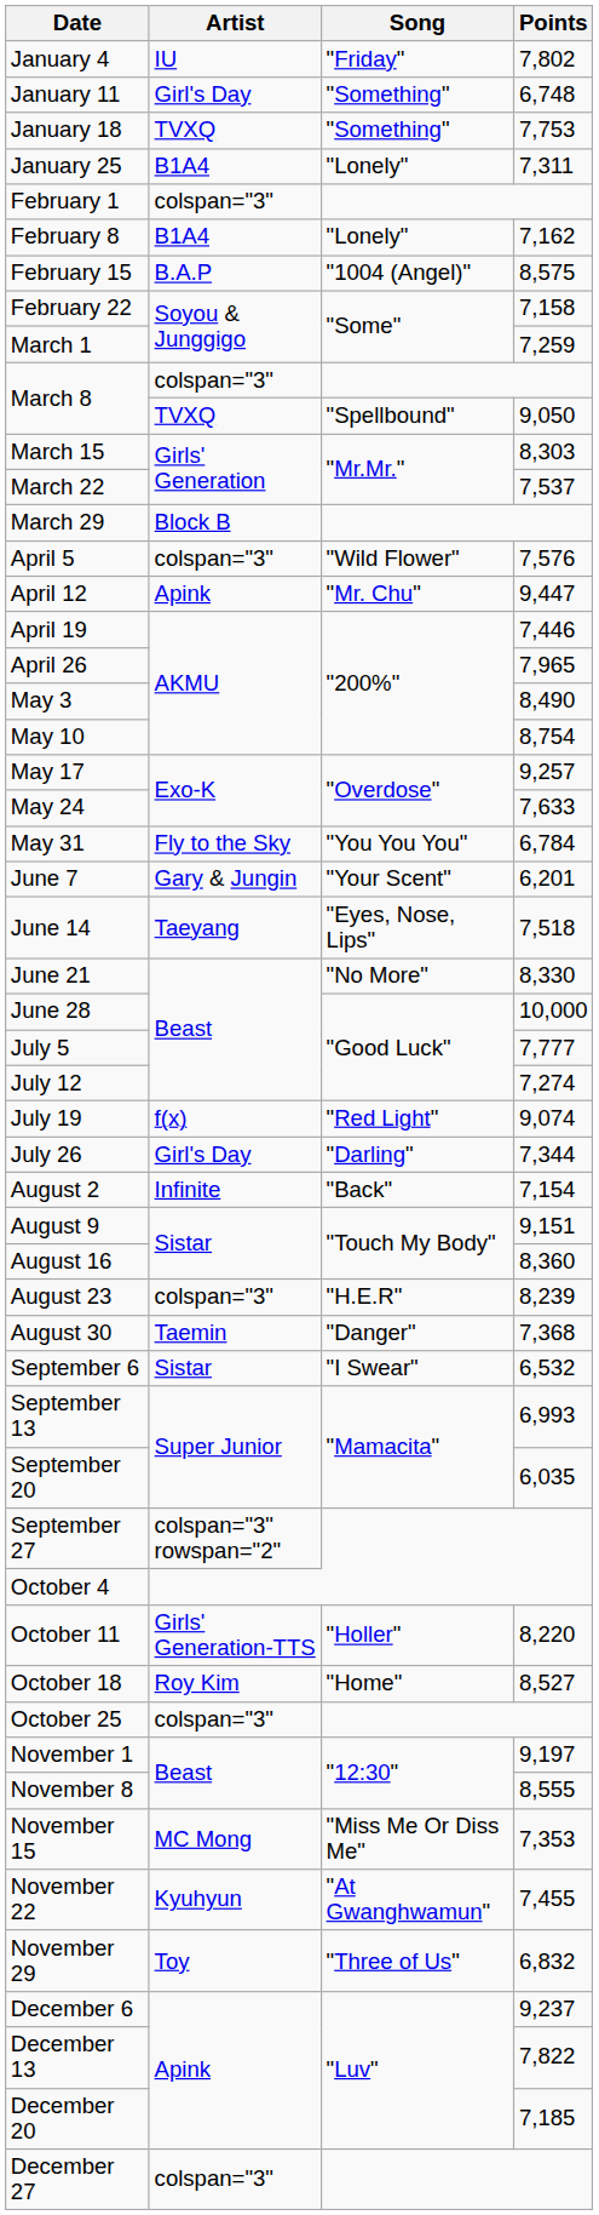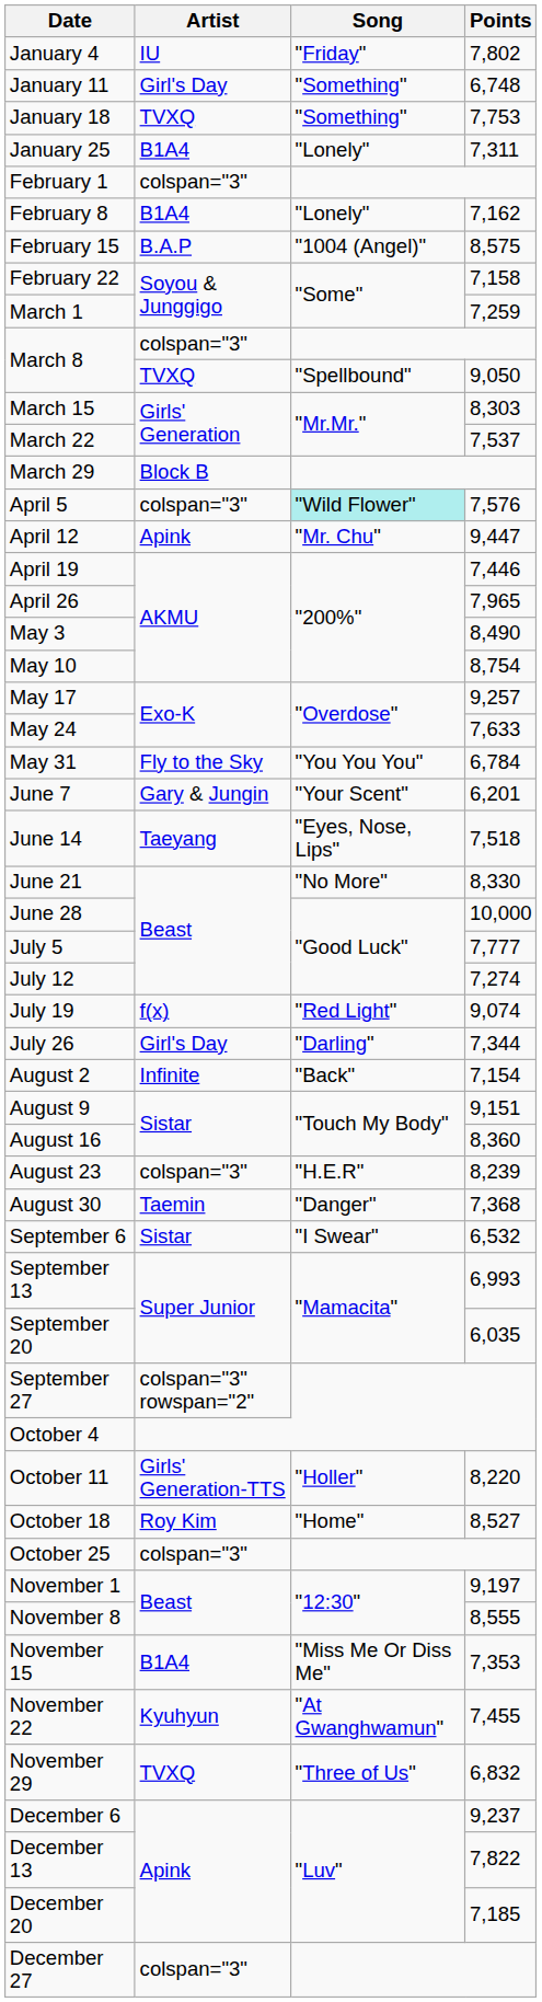 <table class="wikitable sortable">
 <tr>
 <th style="width:95px">Date</th>
 <th style="width:115px">Artist</th>
 <th style="width:130px">Song</th>
 <th style="width:40px">Points</th>
 </tr>
 <tr>
 <td>January 4</td>
 <td><a href='#'>IU</a></td>
 <td>"<a href='#'>Friday</a>"</td>
 <td>7,802</td>
 </tr>
 <tr>
 <td>January 11</td>
 <td><a href='#'>Girl's Day</a></td>
 <td>"<a href='#'>Something</a>"</td>
 <td>6,748</td>
 </tr>
 <tr>
 <td>January 18</td>
 <td><a href='#'>TVXQ</a></td>
 <td>"<a href='#'>Something</a>"</td>
 <td>7,753</td>
 </tr>
 <tr>
 <td>January 25</td>
 <td><a href='#'>B1A4</a></td>
 <td>"Lonely"</td>
 <td>7,311</td>
 </tr>
 <tr>
 <td>February 1</td>
 <td>colspan="3" </td>
 </tr>
 <tr>
 <td>February 8</td>
 <td><a href='#'>B1A4</a></td>
 <td>"Lonely"</td>
 <td>7,162</td>
 </tr>
 <tr>
 <td>February 15</td>
 <td><a href='#'>B.A.P</a></td>
 <td>"1004 (Angel)"</td>
 <td>8,575</td>
 </tr>
 <tr>
 <td>February 22</td>
 <td rowspan="2"><a href='#'>Soyou</a> & <a href='#'>Junggigo</a></td>
 <td rowspan="2">"Some"</td>
 <td>7,158</td>
 </tr>
 <tr>
 <td>March 1</td>
 <td>7,259</td>
 </tr>
 <tr>
 <td rowspan="2">March 8</td>
 <td>colspan="3" </td>
 </tr>
 <tr>
 <td><a href='#'>TVXQ</a></td>
 <td>"Spellbound"</td>
 <td>9,050</td>
 </tr>
 <tr>
 <td>March 15</td>
 <td rowspan="2"><a href='#'>Girls' Generation</a></td>
 <td rowspan="2">"<a href='#'>Mr.Mr.</a>"</td>
 <td>8,303</td>
 </tr>
 <tr>
 <td>March 22</td>
 <td>7,537</td>
 </tr>
 <tr>
 <td>March 29</td>
 <td><a href='#'>Block B</a></td>
 </tr>
 <tr>
 <td>April 5</td>
 <td>colspan="3" </td>
-<td>"Wild Flower"</td>
+<td style="background: paleturquoise;">"Wild Flower"</td>
 <td>7,576</td>
 </tr>
 <tr>
 <td>April 12</td>
 <td><a href='#'>Apink</a></td>
 <td>"<a href='#'>Mr. Chu</a>"</td>
 <td>9,447</td>
 </tr>
 <tr>
 <td>April 19</td>
 <td rowspan="4"><a href='#'>AKMU</a></td>
 <td rowspan="4">"200%"</td>
 <td>7,446</td>
 </tr>
 <tr>
 <td>April 26</td>
 <td>7,965</td>
 </tr>
 <tr>
 <td>May 3</td>
 <td>8,490</td>
 </tr>
 <tr>
 <td>May 10</td>
 <td>8,754</td>
 </tr>
 <tr>
 <td>May 17</td>
 <td rowspan="2"><a href='#'>Exo-K</a></td>
 <td rowspan="2">"<a href='#'>Overdose</a>"</td>
 <td>9,257</td>
 </tr>
 <tr>
 <td>May 24</td>
 <td>7,633</td>
 </tr>
 <tr>
 <td>May 31</td>
 <td><a href='#'>Fly to the Sky</a></td>
 <td>"You You You"</td>
 <td>6,784</td>
 </tr>
 <tr>
 <td>June 7</td>
 <td><a href='#'>Gary</a> & <a href='#'>Jungin</a></td>
 <td>"Your Scent"</td>
 <td>6,201</td>
 </tr>
 <tr>
 <td>June 14</td>
 <td><a href='#'>Taeyang</a></td>
 <td>"Eyes, Nose, Lips"</td>
 <td>7,518</td>
 </tr>
 <tr>
 <td>June 21</td>
 <td rowspan="4"><a href='#'>Beast</a></td>
 <td>"No More"</td>
 <td>8,330</td>
 </tr>
 <tr>
 <td>June 28</td>
 <td rowspan="3">"Good Luck"</td>
 <td>10,000</td>
 </tr>
 <tr>
 <td>July 5</td>
 <td>7,777</td>
 </tr>
 <tr>
 <td>July 12</td>
 <td>7,274</td>
 </tr>
 <tr>
 <td>July 19</td>
 <td><a href='#'>f(x)</a></td>
 <td>"<a href='#'>Red Light</a>"</td>
 <td>9,074</td>
 </tr>
 <tr>
 <td>July 26</td>
 <td><a href='#'>Girl's Day</a></td>
 <td>"<a href='#'>Darling</a>"</td>
 <td>7,344</td>
 </tr>
 <tr>
 <td>August 2</td>
 <td><a href='#'>Infinite</a></td>
 <td>"Back"</td>
 <td>7,154</td>
 </tr>
 <tr>
 <td>August 9</td>
 <td rowspan="2"><a href='#'>Sistar</a></td>
 <td rowspan="2">"Touch My Body"</td>
 <td>9,151</td>
 </tr>
 <tr>
 <td>August 16</td>
 <td>8,360</td>
 </tr>
 <tr>
 <td>August 23</td>
 <td>colspan="3" </td>
 <td>"H.E.R"</td>
 <td>8,239</td>
 </tr>
 <tr>
 <td>August 30</td>
 <td><a href='#'>Taemin</a></td>
 <td>"Danger"</td>
 <td>7,368</td>
 </tr>
 <tr>
 <td>September 6</td>
 <td><a href='#'>Sistar</a></td>
 <td>"I Swear"</td>
 <td>6,532</td>
 </tr>
 <tr>
 <td>September 13</td>
 <td rowspan="2"><a href='#'>Super Junior</a></td>
 <td rowspan="2">"<a href='#'>Mamacita</a>"</td>
 <td>6,993</td>
 </tr>
 <tr>
 <td>September 20</td>
 <td>6,035</td>
 </tr>
 <tr>
 <td>September 27</td>
 <td>colspan="3" rowspan="2" </td>
 </tr>
 <tr>
 <td>October 4</td>
 </tr>
 <tr>
 <td>October 11</td>
 <td><a href='#'>Girls' Generation-TTS</a></td>
 <td>"<a href='#'>Holler</a>"</td>
 <td>8,220</td>
 </tr>
 <tr>
 <td>October 18</td>
 <td><a href='#'>Roy Kim</a></td>
 <td>"Home"</td>
 <td>8,527</td>
 </tr>
 <tr>
 <td>October 25</td>
 <td>colspan="3" </td>
 </tr>
 <tr>
 <td>November 1</td>
 <td rowspan="2"><a href='#'>Beast</a></td>
 <td rowspan="2">"<a href='#'>12:30</a>"</td>
 <td>9,197</td>
 </tr>
 <tr>
 <td>November 8</td>
 <td>8,555</td>
 </tr>
 <tr>
 <td>November 15</td>
-<td><a href='#'>MC Mong</a></td>
+<td><a href='#'>B1A4</a></td>
 <td>"Miss Me Or Diss Me"</td>
 <td>7,353</td>
 </tr>
 <tr>
 <td>November 22</td>
 <td><a href='#'>Kyuhyun</a></td>
 <td>"<a href='#'>At Gwanghwamun</a>"</td>
 <td>7,455</td>
 </tr>
 <tr>
 <td>November 29</td>
-<td><a href='#'>Toy</a></td>
+<td><a href='#'>TVXQ</a></td>
 <td>"<a href='#'>Three of Us</a>"</td>
 <td>6,832</td>
 </tr>
 <tr>
 <td>December 6</td>
 <td rowspan="3"><a href='#'>Apink</a></td>
 <td rowspan="3">"<a href='#'>Luv</a>"</td>
 <td>9,237</td>
 </tr>
 <tr>
 <td>December 13</td>
 <td>7,822</td>
 </tr>
 <tr>
 <td>December 20</td>
 <td>7,185</td>
 </tr>
 <tr>
 <td>December 27</td>
 <td>colspan="3" </td>
 </tr>
 </table>
